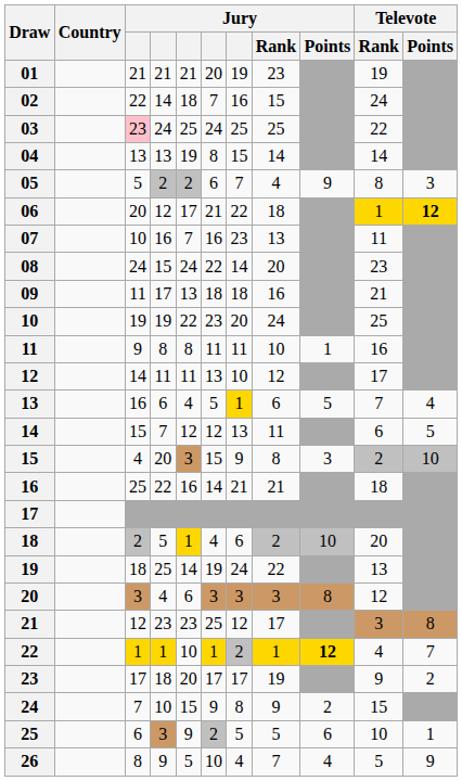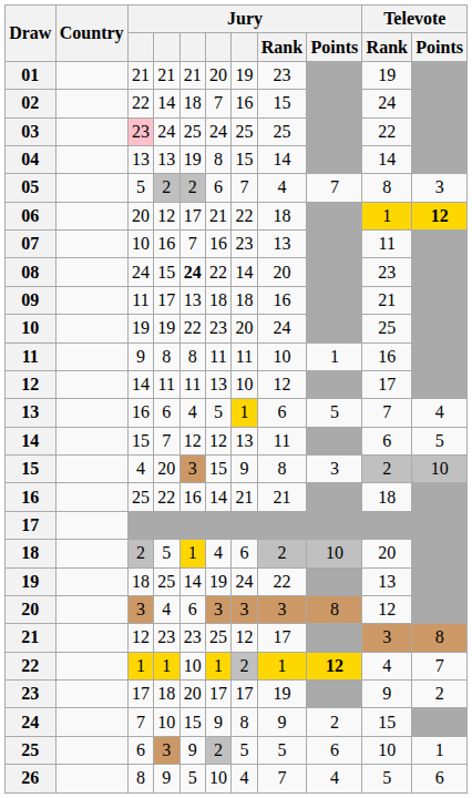 <table class="sortable wikitable collapsible plainrowheaders" style="text-align:center;">
 <tr>
 </tr>
 <tr>
 <th scope="col" rowspan="2">Draw</th>
 <th scope="col" rowspan="2">Country</th>
 <th scope="col" colspan="7">Jury</th>
 <th scope="col" colspan="2">Televote</th>
 </tr>
 <tr>
 <th scope="col"><small></small></th>
 <th scope="col"><small></small></th>
 <th scope="col"><small></small></th>
 <th scope="col"><small></small></th>
 <th scope="col"><small></small></th>
 <th scope="col">Rank</th>
 <th scope="col">Points</th>
 <th scope="col">Rank</th>
 <th scope="col">Points</th>
 </tr>
 <tr>
 <th scope="row" style="text-align:center;">01</th>
 <td style="text-align:left;"></td>
 <td>21</td>
 <td>21</td>
 <td>21</td>
 <td>20</td>
 <td>19</td>
 <td>23</td>
 <td style="background:#AAAAAA;"></td>
 <td>19</td>
 <td style="background:#AAAAAA;"></td>
 </tr>
 <tr>
 <th scope="row" style="text-align:center;">02</th>
 <td style="text-align:left;"></td>
 <td>22</td>
 <td>14</td>
 <td>18</td>
 <td>7</td>
 <td>16</td>
 <td>15</td>
 <td style="background:#AAAAAA;"></td>
 <td>24</td>
 <td style="background:#AAAAAA;"></td>
 </tr>
 <tr>
 <th scope="row" style="text-align:center;">03</th>
 <td style="text-align:left;"></td>
 <td style="background: pink;">23</td>
 <td>24</td>
 <td>25</td>
 <td>24</td>
 <td>25</td>
 <td>25</td>
 <td style="background:#AAAAAA;"></td>
 <td>22</td>
 <td style="background:#AAAAAA;"></td>
 </tr>
 <tr>
 <th scope="row" style="text-align:center;">04</th>
 <td style="text-align:left;"></td>
 <td>13</td>
 <td>13</td>
 <td>19</td>
 <td>8</td>
 <td>15</td>
 <td>14</td>
 <td style="background:#AAAAAA;"></td>
 <td>14</td>
 <td style="background:#AAAAAA;"></td>
 </tr>
 <tr>
 <th scope="row" style="text-align:center;">05</th>
 <td style="text-align:left;"></td>
 <td>5</td>
 <td style="background:silver;">2</td>
 <td style="background:silver;">2</td>
 <td>6</td>
 <td>7</td>
 <td>4</td>
-<td>9</td>
+<td>7</td>
 <td>8</td>
 <td>3</td>
 </tr>
 <tr>
 <th scope="row" style="text-align:center;">06</th>
 <td style="text-align:left;"></td>
 <td>20</td>
 <td>12</td>
 <td>17</td>
 <td>21</td>
 <td>22</td>
 <td>18</td>
 <td style="background:#AAAAAA;"></td>
 <td style="background:gold;">1</td>
 <td style="background:gold;"><strong>12</strong></td>
 </tr>
 <tr>
 <th scope="row" style="text-align:center;">07</th>
 <td style="text-align:left;"></td>
 <td>10</td>
 <td>16</td>
 <td>7</td>
 <td>16</td>
 <td>23</td>
 <td>13</td>
 <td style="background:#AAAAAA;"></td>
 <td>11</td>
 <td style="background:#AAAAAA;"></td>
 </tr>
 <tr>
 <th scope="row" style="text-align:center;">08</th>
 <td style="text-align:left;"></td>
 <td>24</td>
 <td>15</td>
-<td>24</td>
+<td><strong>24</strong></td>
 <td>22</td>
 <td>14</td>
 <td>20</td>
 <td style="background:#AAAAAA;"></td>
 <td>23</td>
 <td style="background:#AAAAAA;"></td>
 </tr>
 <tr>
 <th scope="row" style="text-align:center;">09</th>
 <td style="text-align:left;"></td>
 <td>11</td>
 <td>17</td>
 <td>13</td>
 <td>18</td>
 <td>18</td>
 <td>16</td>
 <td style="background:#AAAAAA;"></td>
 <td>21</td>
 <td style="background:#AAAAAA;"></td>
 </tr>
 <tr>
 <th scope="row" style="text-align:center;">10</th>
 <td style="text-align:left;"></td>
 <td>19</td>
 <td>19</td>
 <td>22</td>
 <td>23</td>
 <td>20</td>
 <td>24</td>
 <td style="background:#AAAAAA;"></td>
 <td>25</td>
 <td style="background:#AAAAAA;"></td>
 </tr>
 <tr>
 <th scope="row" style="text-align:center;">11</th>
 <td style="text-align:left;"></td>
 <td>9</td>
 <td>8</td>
 <td>8</td>
 <td>11</td>
 <td>11</td>
 <td>10</td>
 <td>1</td>
 <td>16</td>
 <td style="background:#AAAAAA;"></td>
 </tr>
 <tr>
 <th scope="row" style="text-align:center;">12</th>
 <td style="text-align:left;"></td>
 <td>14</td>
 <td>11</td>
 <td>11</td>
 <td>13</td>
 <td>10</td>
 <td>12</td>
 <td style="background:#AAAAAA;"></td>
 <td>17</td>
 <td style="background:#AAAAAA;"></td>
 </tr>
 <tr>
 <th scope="row" style="text-align:center;">13</th>
 <td style="text-align:left;"></td>
 <td>16</td>
 <td>6</td>
 <td>4</td>
 <td>5</td>
 <td style="background:gold;">1</td>
 <td>6</td>
 <td>5</td>
 <td>7</td>
 <td>4</td>
 </tr>
 <tr>
 <th scope="row" style="text-align:center;">14</th>
 <td style="text-align:left;"></td>
 <td>15</td>
 <td>7</td>
 <td>12</td>
 <td>12</td>
 <td>13</td>
 <td>11</td>
 <td style="background:#AAAAAA;"></td>
 <td>6</td>
 <td>5</td>
 </tr>
 <tr>
 <th scope="row" style="text-align:center;">15</th>
 <td style="text-align:left;"></td>
 <td>4</td>
 <td>20</td>
 <td style="background:#CC9966;">3</td>
 <td>15</td>
 <td>9</td>
 <td>8</td>
 <td>3</td>
 <td style="background:silver;">2</td>
 <td style="background:silver;">10</td>
 </tr>
 <tr>
 <th scope="row" style="text-align:center;">16</th>
 <td style="text-align:left;"></td>
 <td>25</td>
 <td>22</td>
 <td>16</td>
 <td>14</td>
 <td>21</td>
 <td>21</td>
 <td style="background:#AAAAAA;"></td>
 <td>18</td>
 <td style="background:#AAAAAA;"></td>
 </tr>
 <tr class="sortbottom">
 <th scope="row" style="text-align:center;">17</th>
 <td style="text-align:left;"></td>
 <td style="background:#AAAAAA;"></td>
 <td style="background:#AAAAAA;"></td>
 <td style="background:#AAAAAA;"></td>
 <td style="background:#AAAAAA;"></td>
 <td style="background:#AAAAAA;"></td>
 <td style="background:#AAAAAA;"></td>
 <td style="background:#AAAAAA;"></td>
 <td style="background:#AAAAAA;"></td>
 <td style="background:#AAAAAA;"></td>
 </tr>
 <tr>
 <th scope="row" style="text-align:center;">18</th>
 <td style="text-align:left;"></td>
 <td style="background:silver;">2</td>
 <td>5</td>
 <td style="background:gold;">1</td>
 <td>4</td>
 <td>6</td>
 <td style="background:silver;">2</td>
 <td style="background:silver;">10</td>
 <td>20</td>
 <td style="background:#AAAAAA;"></td>
 </tr>
 <tr>
 <th scope="row" style="text-align:center;">19</th>
 <td style="text-align:left;"></td>
 <td>18</td>
 <td>25</td>
 <td>14</td>
 <td>19</td>
 <td>24</td>
 <td>22</td>
 <td style="background:#AAAAAA;"></td>
 <td>13</td>
 <td style="background:#AAAAAA;"></td>
 </tr>
 <tr>
 <th scope="row" style="text-align:center;">20</th>
 <td style="text-align:left;"></td>
 <td style="background:#CC9966;">3</td>
 <td>4</td>
 <td>6</td>
 <td style="background:#CC9966;">3</td>
 <td style="background:#CC9966;">3</td>
 <td style="background:#CC9966;">3</td>
 <td style="background:#CC9966;">8</td>
 <td>12</td>
 <td style="background:#AAAAAA;"></td>
 </tr>
 <tr>
 <th scope="row" style="text-align:center;">21</th>
 <td style="text-align:left;"></td>
 <td>12</td>
 <td>23</td>
 <td>23</td>
 <td>25</td>
 <td>12</td>
 <td>17</td>
 <td style="background:#AAAAAA;"></td>
 <td style="background:#CC9966;">3</td>
 <td style="background:#CC9966;">8</td>
 </tr>
 <tr>
 <th scope="row" style="text-align:center;">22</th>
 <td style="text-align:left;"></td>
 <td style="background:gold;">1</td>
 <td style="background:gold;">1</td>
 <td>10</td>
 <td style="background:gold;">1</td>
 <td style="background:silver;">2</td>
 <td style="background:gold;">1</td>
 <td style="background:gold;"><strong>12</strong></td>
 <td>4</td>
 <td>7</td>
 </tr>
 <tr>
 <th scope="row" style="text-align:center;">23</th>
 <td style="text-align:left;"></td>
 <td>17</td>
 <td>18</td>
 <td>20</td>
 <td>17</td>
 <td>17</td>
 <td>19</td>
 <td style="background:#AAAAAA;"></td>
 <td>9</td>
 <td>2</td>
 </tr>
 <tr>
 <th scope="row" style="text-align:center;">24</th>
 <td style="text-align:left;"></td>
 <td>7</td>
 <td>10</td>
 <td>15</td>
 <td>9</td>
 <td>8</td>
 <td>9</td>
 <td>2</td>
 <td>15</td>
 <td style="background:#AAAAAA;"></td>
 </tr>
 <tr>
 <th scope="row" style="text-align:center;">25</th>
 <td style="text-align:left;"></td>
 <td>6</td>
 <td style="background:#CC9966;">3</td>
 <td>9</td>
 <td style="background:silver;">2</td>
 <td>5</td>
 <td>5</td>
 <td>6</td>
 <td>10</td>
 <td>1</td>
 </tr>
 <tr>
 <th scope="row" style="text-align:center;">26</th>
 <td style="text-align:left;"></td>
 <td>8</td>
 <td>9</td>
 <td>5</td>
 <td>10</td>
 <td>4</td>
 <td>7</td>
 <td>4</td>
 <td>5</td>
-<td>9</td>
+<td>6</td>
 </tr>
 </table>
